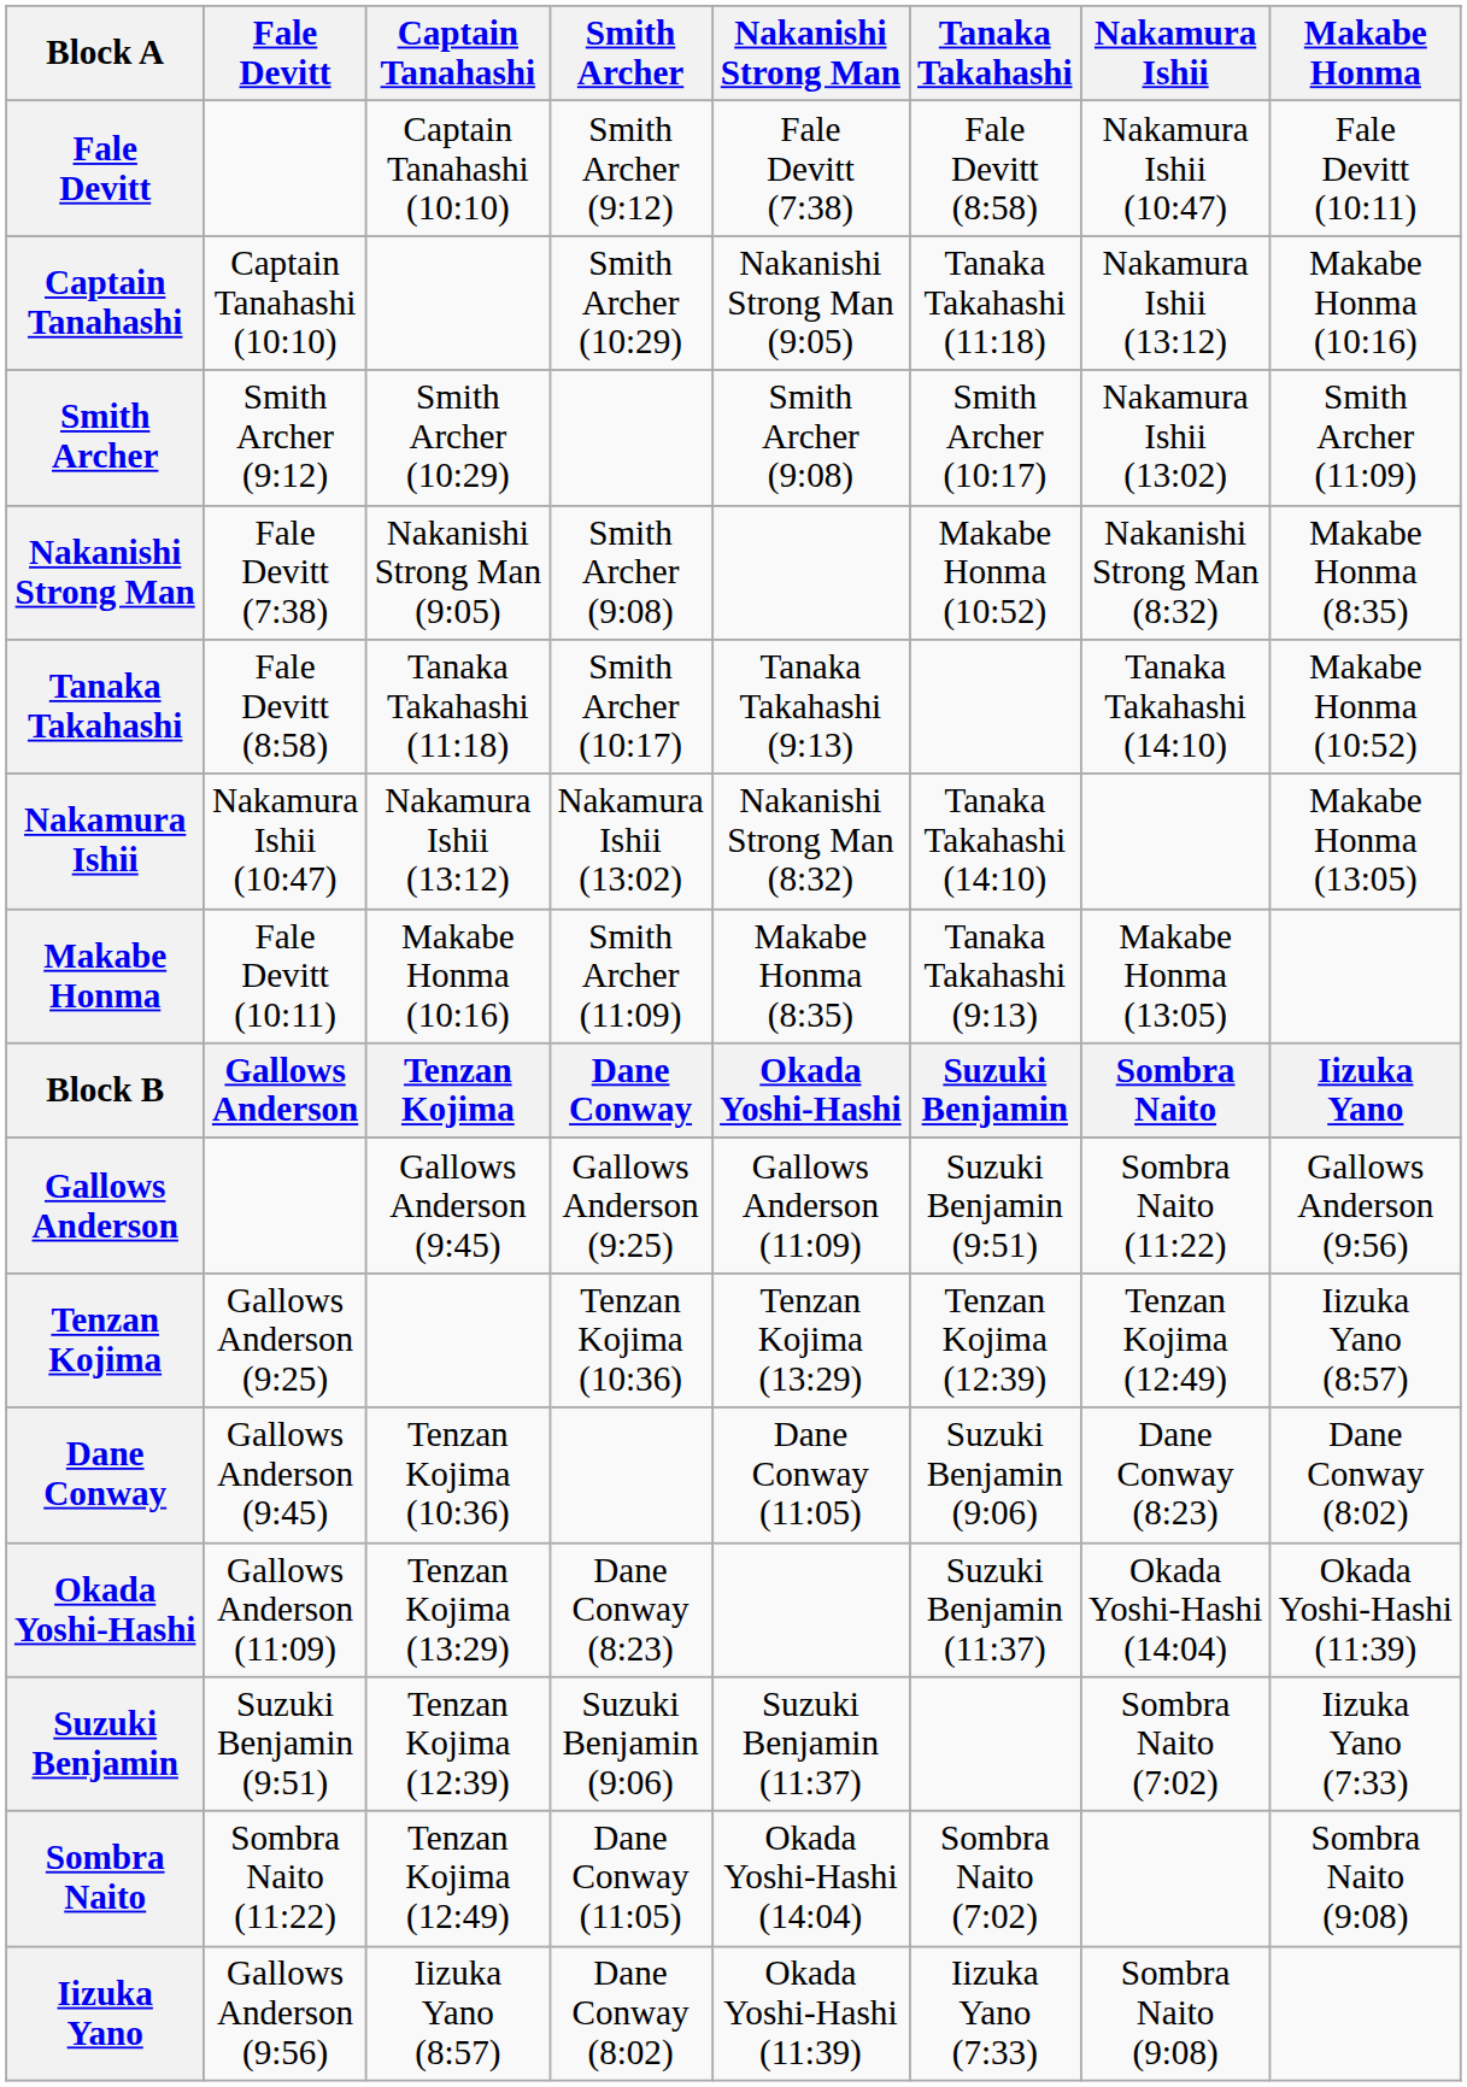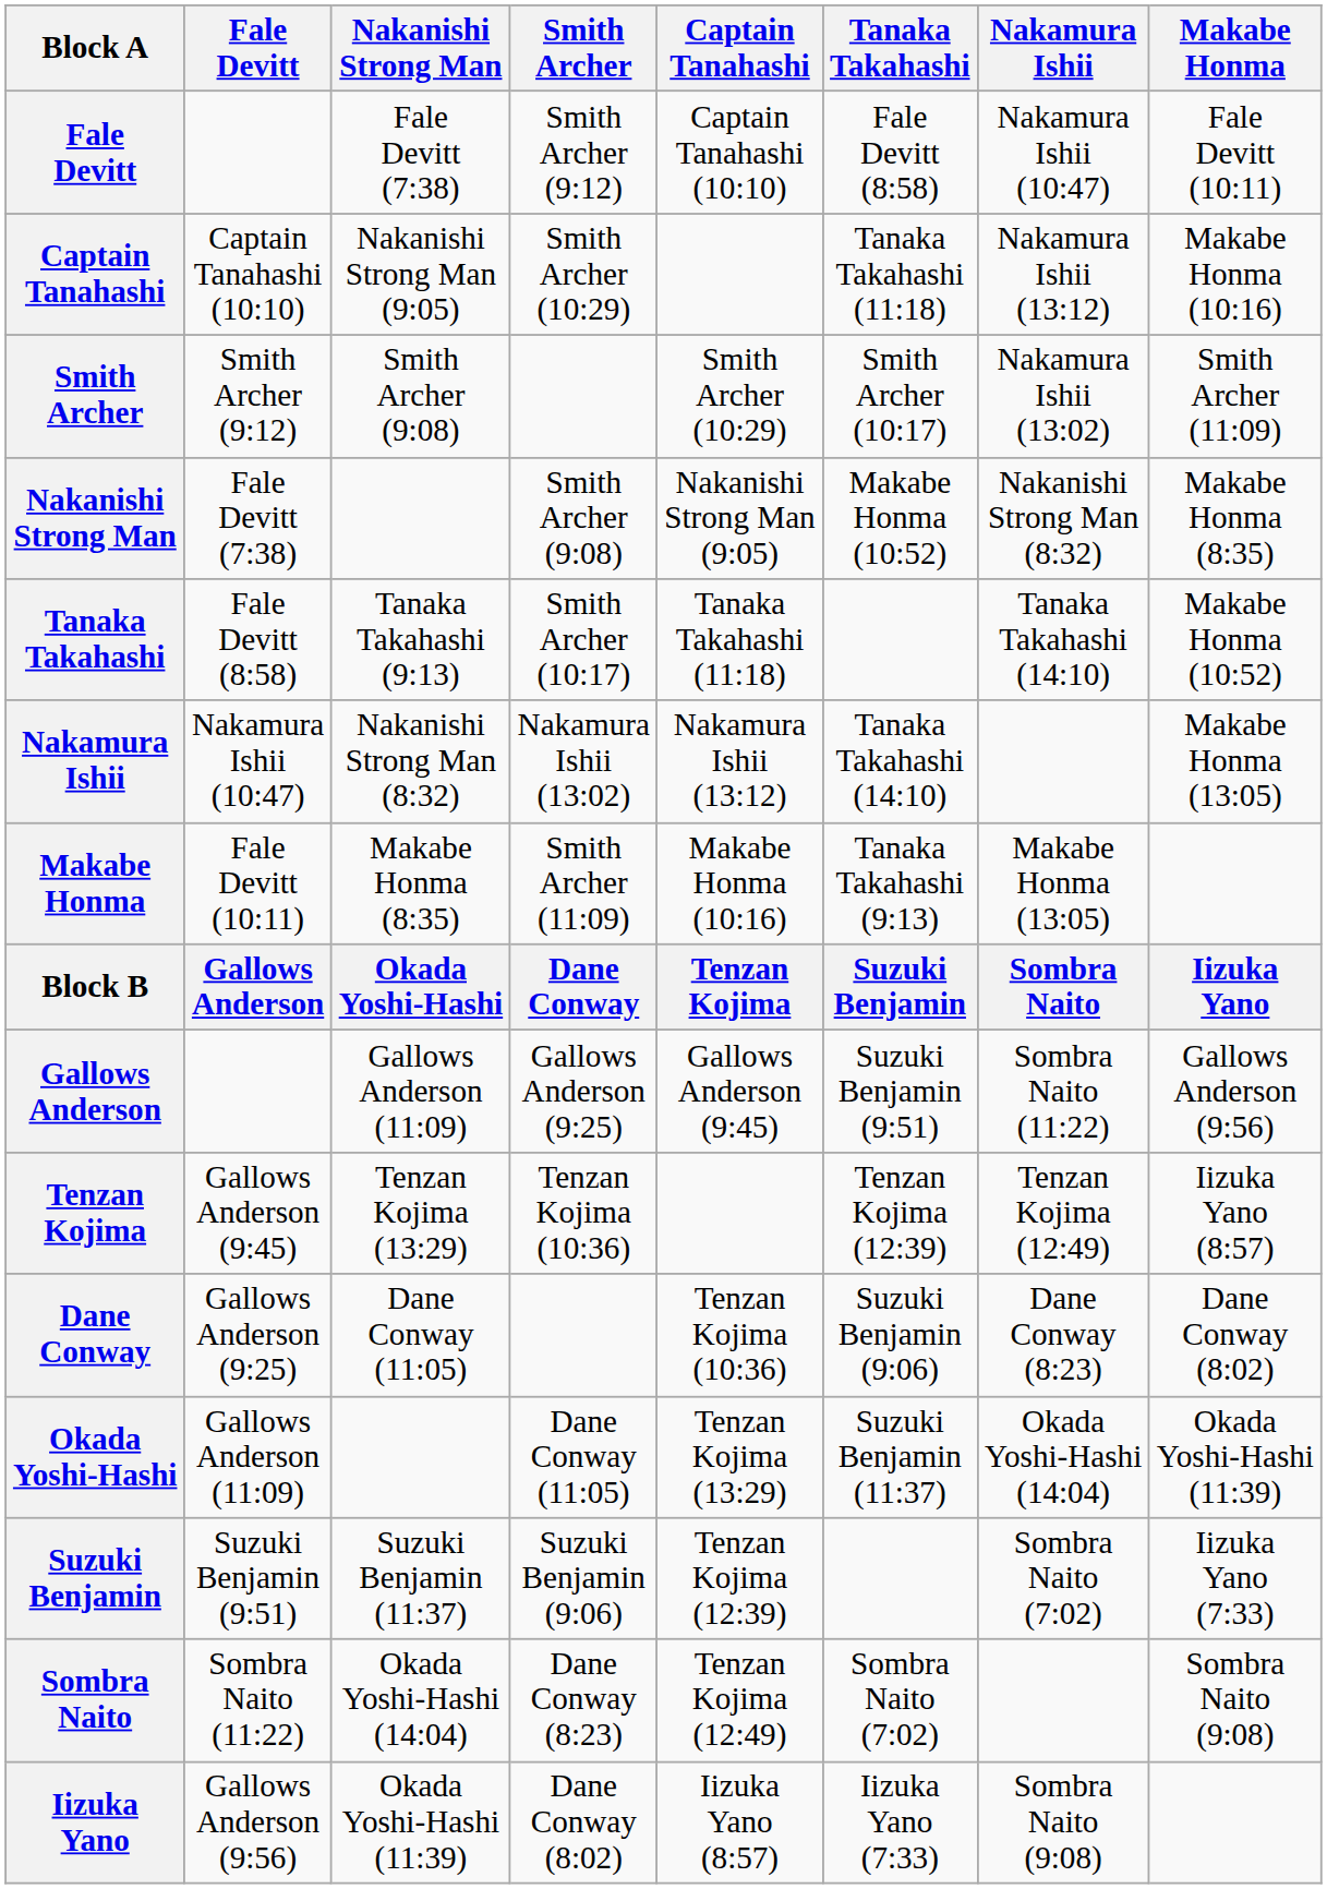 <table class="wikitable" style="text-align:center; margin: 1em auto 1em auto">
 <tr align="center">
 <th>Block A</th>
 <th><a href='#'>Fale</a><br><a href='#'>Devitt</a></th>
+<th><a href='#'>Nakanishi</a><br><a href='#'>Strong Man</a></th>
+<th><a href='#'>Smith</a><br><a href='#'>Archer</a></th>
 <th><a href='#'>Captain</a><br><a href='#'>Tanahashi</a></th>
-<th><a href='#'>Smith</a><br><a href='#'>Archer</a></th>
-<th><a href='#'>Nakanishi</a><br><a href='#'>Strong Man</a></th>
 <th><a href='#'>Tanaka</a><br><a href='#'>Takahashi</a></th>
 <th><a href='#'>Nakamura</a><br><a href='#'>Ishii</a></th>
 <th><a href='#'>Makabe</a><br><a href='#'>Honma</a></th>
 </tr>
 <tr align="center">
 <th><a href='#'>Fale</a><br><a href='#'>Devitt</a></th>
 <td></td>
+<td>Fale<br>Devitt<br>(7:38)</td>
+<td>Smith<br>Archer<br>(9:12)</td>
 <td>Captain<br>Tanahashi<br>(10:10)</td>
-<td>Smith<br>Archer<br>(9:12)</td>
-<td>Fale<br>Devitt<br>(7:38)</td>
 <td>Fale<br>Devitt<br>(8:58)</td>
 <td>Nakamura<br>Ishii<br>(10:47)</td>
 <td>Fale<br>Devitt<br>(10:11)</td>
 </tr>
 <tr align="center">
 <th><a href='#'>Captain</a><br><a href='#'>Tanahashi</a></th>
 <td>Captain<br>Tanahashi<br>(10:10)</td>
+<td>Nakanishi<br>Strong Man<br>(9:05)</td>
+<td>Smith<br>Archer<br>(10:29)</td>
 <td></td>
-<td>Smith<br>Archer<br>(10:29)</td>
-<td>Nakanishi<br>Strong Man<br>(9:05)</td>
 <td>Tanaka<br>Takahashi<br>(11:18)</td>
 <td>Nakamura<br>Ishii<br>(13:12)</td>
 <td>Makabe<br>Honma<br>(10:16)</td>
 </tr>
 <tr align="center">
 <th><a href='#'>Smith</a><br><a href='#'>Archer</a></th>
 <td>Smith<br>Archer<br>(9:12)</td>
+<td>Smith<br>Archer<br>(9:08)</td>
+<td></td>
 <td>Smith<br>Archer<br>(10:29)</td>
-<td></td>
-<td>Smith<br>Archer<br>(9:08)</td>
 <td>Smith<br>Archer<br>(10:17)</td>
 <td>Nakamura<br>Ishii<br>(13:02)</td>
 <td>Smith<br>Archer<br>(11:09)</td>
 </tr>
 <tr align="center">
 <th><a href='#'>Nakanishi</a><br><a href='#'>Strong Man</a></th>
 <td>Fale<br>Devitt<br>(7:38)</td>
+<td></td>
+<td>Smith<br>Archer<br>(9:08)</td>
 <td>Nakanishi<br>Strong Man<br>(9:05)</td>
-<td>Smith<br>Archer<br>(9:08)</td>
-<td></td>
 <td>Makabe<br>Honma<br>(10:52)</td>
 <td>Nakanishi<br>Strong Man<br>(8:32)</td>
 <td>Makabe<br>Honma<br>(8:35)</td>
 </tr>
 <tr align="center">
 <th><a href='#'>Tanaka</a><br><a href='#'>Takahashi</a></th>
 <td>Fale<br>Devitt<br>(8:58)</td>
+<td>Tanaka<br>Takahashi<br>(9:13)</td>
+<td>Smith<br>Archer<br>(10:17)</td>
 <td>Tanaka<br>Takahashi<br>(11:18)</td>
-<td>Smith<br>Archer<br>(10:17)</td>
-<td>Tanaka<br>Takahashi<br>(9:13)</td>
 <td></td>
 <td>Tanaka<br>Takahashi<br>(14:10)</td>
 <td>Makabe<br>Honma<br>(10:52)</td>
 </tr>
 <tr align="center">
 <th><a href='#'>Nakamura</a><br><a href='#'>Ishii</a></th>
 <td>Nakamura<br>Ishii<br>(10:47)</td>
+<td>Nakanishi<br>Strong Man<br>(8:32)</td>
+<td>Nakamura<br>Ishii<br>(13:02)</td>
 <td>Nakamura<br>Ishii<br>(13:12)</td>
-<td>Nakamura<br>Ishii<br>(13:02)</td>
-<td>Nakanishi<br>Strong Man<br>(8:32)</td>
 <td>Tanaka<br>Takahashi<br>(14:10)</td>
 <td></td>
 <td>Makabe<br>Honma<br>(13:05)</td>
 </tr>
 <tr align="center">
 <th><a href='#'>Makabe</a><br><a href='#'>Honma</a></th>
 <td>Fale<br>Devitt<br>(10:11)</td>
+<td>Makabe<br>Honma<br>(8:35)</td>
+<td>Smith<br>Archer<br>(11:09)</td>
 <td>Makabe<br>Honma<br>(10:16)</td>
-<td>Smith<br>Archer<br>(11:09)</td>
-<td>Makabe<br>Honma<br>(8:35)</td>
 <td>Tanaka<br>Takahashi<br>(9:13)</td>
 <td>Makabe<br>Honma<br>(13:05)</td>
 <td></td>
 </tr>
 <tr align="center">
 <th>Block B</th>
 <th><a href='#'>Gallows</a><br><a href='#'>Anderson</a></th>
+<th><a href='#'>Okada</a><br><a href='#'>Yoshi-Hashi</a></th>
+<th><a href='#'>Dane</a><br><a href='#'>Conway</a></th>
 <th><a href='#'>Tenzan</a><br><a href='#'>Kojima</a></th>
-<th><a href='#'>Dane</a><br><a href='#'>Conway</a></th>
-<th><a href='#'>Okada</a><br><a href='#'>Yoshi-Hashi</a></th>
 <th><a href='#'>Suzuki</a><br><a href='#'>Benjamin</a></th>
 <th><a href='#'>Sombra</a><br><a href='#'>Naito</a></th>
 <th><a href='#'>Iizuka</a><br><a href='#'>Yano</a></th>
 </tr>
 <tr align="center">
 <th><a href='#'>Gallows</a><br><a href='#'>Anderson</a></th>
 <td></td>
+<td>Gallows<br>Anderson<br>(11:09)</td>
+<td>Gallows<br>Anderson<br>(9:25)</td>
 <td>Gallows<br>Anderson<br>(9:45)</td>
-<td>Gallows<br>Anderson<br>(9:25)</td>
-<td>Gallows<br>Anderson<br>(11:09)</td>
 <td>Suzuki<br>Benjamin<br>(9:51)</td>
 <td>Sombra<br>Naito<br>(11:22)</td>
 <td>Gallows<br>Anderson<br>(9:56)</td>
 </tr>
 <tr align="center">
 <th><a href='#'>Tenzan</a><br><a href='#'>Kojima</a></th>
-<td>Gallows<br>Anderson<br>(9:25)</td>
+<td>Gallows<br>Anderson<br>(9:45)</td>
+<td>Tenzan<br>Kojima<br>(13:29)</td>
+<td>Tenzan<br>Kojima<br>(10:36)</td>
 <td></td>
-<td>Tenzan<br>Kojima<br>(10:36)</td>
-<td>Tenzan<br>Kojima<br>(13:29)</td>
 <td>Tenzan<br>Kojima<br>(12:39)</td>
 <td>Tenzan<br>Kojima<br>(12:49)</td>
 <td>Iizuka<br>Yano<br>(8:57)</td>
 </tr>
 <tr align="center">
 <th><a href='#'>Dane</a><br><a href='#'>Conway</a></th>
-<td>Gallows<br>Anderson<br>(9:45)</td>
+<td>Gallows<br>Anderson<br>(9:25)</td>
+<td>Dane<br>Conway<br>(11:05)</td>
+<td></td>
 <td>Tenzan<br>Kojima<br>(10:36)</td>
-<td></td>
-<td>Dane<br>Conway<br>(11:05)</td>
 <td>Suzuki<br>Benjamin<br>(9:06)</td>
 <td>Dane<br>Conway<br>(8:23)</td>
 <td>Dane<br>Conway<br>(8:02)</td>
 </tr>
 <tr align="center">
 <th><a href='#'>Okada</a><br><a href='#'>Yoshi-Hashi</a></th>
 <td>Gallows<br>Anderson<br>(11:09)</td>
+<td></td>
+<td>Dane<br>Conway<br>(11:05)</td>
 <td>Tenzan<br>Kojima<br>(13:29)</td>
-<td>Dane<br>Conway<br>(8:23)</td>
-<td></td>
 <td>Suzuki<br>Benjamin<br>(11:37)</td>
 <td>Okada<br>Yoshi-Hashi<br>(14:04)</td>
 <td>Okada<br>Yoshi-Hashi<br>(11:39)</td>
 </tr>
 <tr align="center">
 <th><a href='#'>Suzuki</a><br><a href='#'>Benjamin</a></th>
 <td>Suzuki<br>Benjamin<br>(9:51)</td>
+<td>Suzuki<br>Benjamin<br>(11:37)</td>
+<td>Suzuki<br>Benjamin<br>(9:06)</td>
 <td>Tenzan<br>Kojima<br>(12:39)</td>
-<td>Suzuki<br>Benjamin<br>(9:06)</td>
-<td>Suzuki<br>Benjamin<br>(11:37)</td>
 <td></td>
 <td>Sombra<br>Naito<br>(7:02)</td>
 <td>Iizuka<br>Yano<br>(7:33)</td>
 </tr>
 <tr align="center">
 <th><a href='#'>Sombra</a><br><a href='#'>Naito</a></th>
 <td>Sombra<br>Naito<br>(11:22)</td>
+<td>Okada<br>Yoshi-Hashi<br>(14:04)</td>
+<td>Dane<br>Conway<br>(8:23)</td>
 <td>Tenzan<br>Kojima<br>(12:49)</td>
-<td>Dane<br>Conway<br>(11:05)</td>
-<td>Okada<br>Yoshi-Hashi<br>(14:04)</td>
 <td>Sombra<br>Naito<br>(7:02)</td>
 <td></td>
 <td>Sombra<br>Naito<br>(9:08)</td>
 </tr>
 <tr align="center">
 <th><a href='#'>Iizuka</a><br><a href='#'>Yano</a></th>
 <td>Gallows<br>Anderson<br>(9:56)</td>
+<td>Okada<br>Yoshi-Hashi<br>(11:39)</td>
+<td>Dane<br>Conway<br>(8:02)</td>
 <td>Iizuka<br>Yano<br>(8:57)</td>
-<td>Dane<br>Conway<br>(8:02)</td>
-<td>Okada<br>Yoshi-Hashi<br>(11:39)</td>
 <td>Iizuka<br>Yano<br>(7:33)</td>
 <td>Sombra<br>Naito<br>(9:08)</td>
 <td></td>
 </tr>
 </table>
